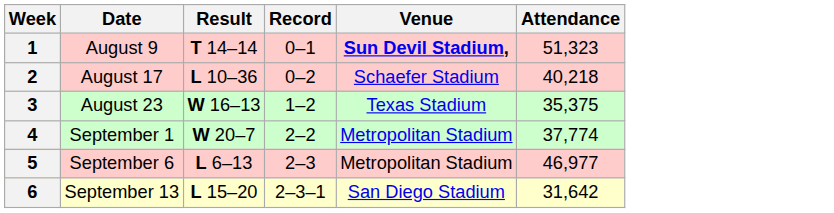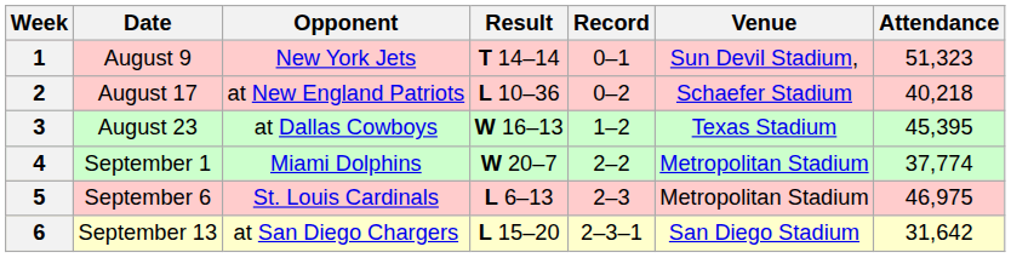 <table class="wikitable" style="text-align:center">
 <tr>
 <th>Week</th>
 <th>Date</th>
+<th>Opponent</th>
 <th>Result</th>
 <th>Record</th>
 <th>Venue</th>
 <th>Attendance</th>
 </tr>
 <tr style="background:#ffcccc">
 <th>1</th>
 <td>August 9</td>
+<td><a href='#'>New York Jets</a></td>
 <td><strong>T</strong> 14–14 </td>
 <td>0–1</td>
-<td><strong><a href='#'>Sun Devil Stadium</a>, </strong></td>
+<td><a href='#'>Sun Devil Stadium</a>, </td>
 <td>51,323</td>
 </tr>
 <tr style="background:#ffcccc">
 <th>2</th>
 <td>August 17</td>
+<td>at <a href='#'>New England Patriots</a></td>
 <td><strong>L</strong> 10–36</td>
 <td>0–2</td>
 <td><a href='#'>Schaefer Stadium</a></td>
 <td>40,218</td>
 </tr>
 <tr style="background:#ccffcc">
 <th>3</th>
 <td>August 23</td>
+<td>at <a href='#'>Dallas Cowboys</a></td>
 <td><strong> W</strong> 16–13</td>
 <td>1–2</td>
 <td><a href='#'>Texas Stadium</a></td>
-<td>35,375</td>
+<td>45,395</td>
 </tr>
 <tr style="background:#ccffcc">
 <th>4</th>
 <td>September 1</td>
+<td><a href='#'>Miami Dolphins</a></td>
 <td><strong>W</strong> 20–7</td>
 <td>2–2</td>
 <td><a href='#'>Metropolitan Stadium</a></td>
 <td>37,774</td>
 </tr>
 <tr style="background:#ffcccc">
 <th>5</th>
 <td>September 6</td>
+<td><a href='#'>St. Louis Cardinals</a></td>
 <td><strong>L</strong> 6–13</td>
 <td>2–3</td>
 <td>Metropolitan Stadium</td>
-<td>46,977</td>
+<td>46,975</td>
 </tr>
 <tr style="background:#ffffcc">
 <th>6</th>
 <td>September 13</td>
+<td>at <a href='#'>San Diego Chargers</a></td>
 <td><strong>L</strong> 15–20</td>
 <td>2–3–1</td>
 <td><a href='#'>San Diego Stadium</a></td>
 <td>31,642</td>
 </tr>
 </table>
